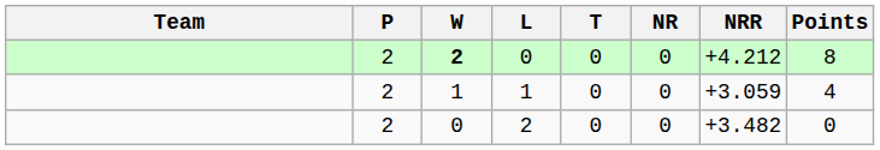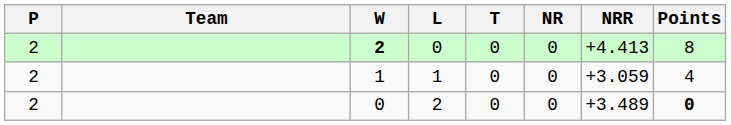 <table class="wikitable" style="text-align: center;">
 <tr>
+<th style="width:8%;">P</th>
 <th style="width:40%;">Team</th>
-<th style="width:8%;">P</th>
 <th style="width:8%;">W</th>
 <th style="width:8%;">L</th>
 <th style="width:8%;">T</th>
 <th style="width:8%;">NR</th>
 <th style="width:10%;">NRR</th>
 <th style="width:10%;">Points</th>
 </tr>
 <tr style="background:#cfc;">
+<td>2</td>
 <td align=left></td>
-<td>2</td>
 <td><strong>2</strong></td>
 <td>0</td>
 <td>0</td>
 <td>0</td>
-<td>+4.212</td>
+<td>+4.413</td>
 <td>8</td>
 </tr>
 <tr>
+<td>2</td>
 <td align=left></td>
-<td>2</td>
 <td>1</td>
 <td>1</td>
 <td>0</td>
 <td>0</td>
 <td>+3.059</td>
 <td>4</td>
 </tr>
 <tr>
+<td>2</td>
 <td align=left></td>
-<td>2</td>
 <td>0</td>
 <td>2</td>
 <td>0</td>
 <td>0</td>
-<td>+3.482</td>
-<td>0</td>
+<td>+3.489</td>
+<td><strong>0</strong></td>
 </tr>
 </table>
